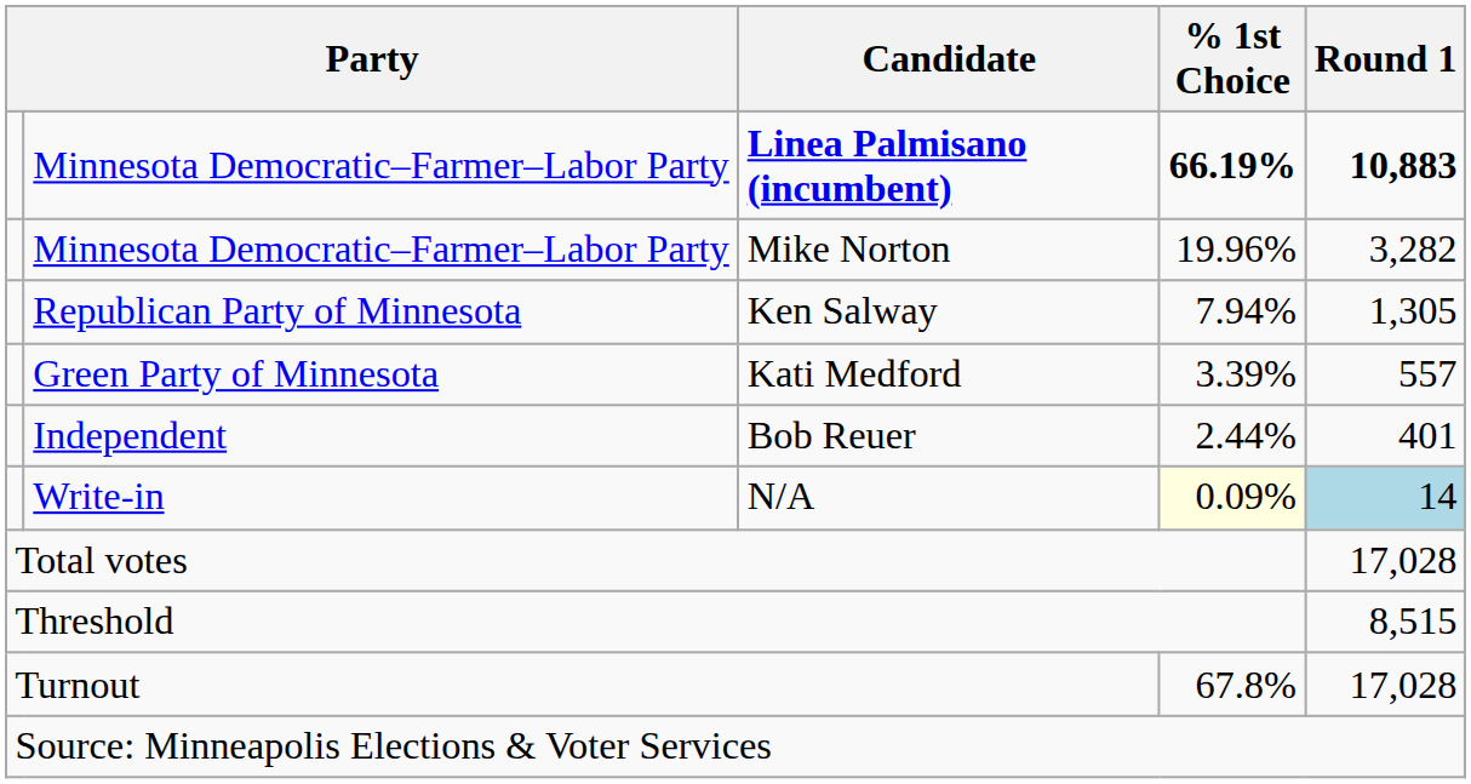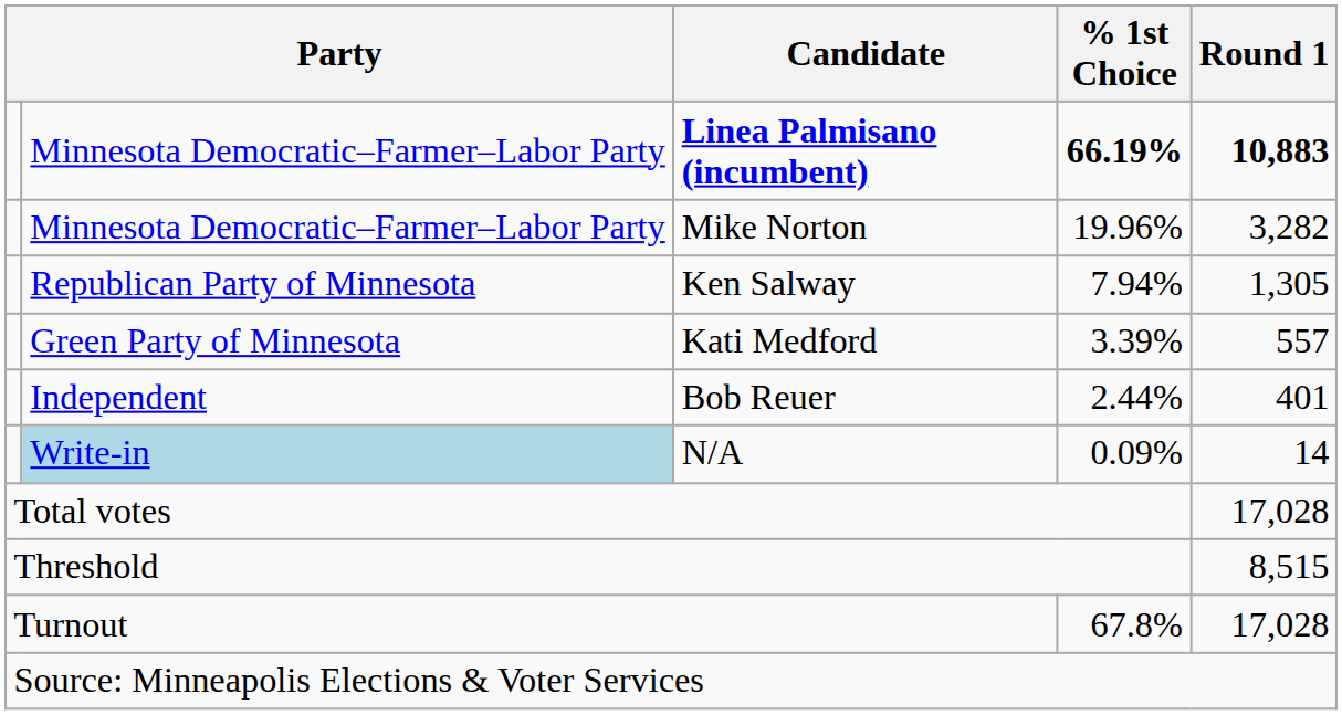 <table class="wikitable">
 <tr>
 <th colspan="2" style="width:290px">Party</th>
 <th style="width:165px">Candidate</th>
 <th>% 1st<br>Choice</th>
 <th>Round 1</th>
 </tr>
 <tr>
 <td style="background-color:"></td>
 <td><a href='#'>Minnesota Democratic–Farmer–Labor Party</a></td>
 <td><strong><a href='#'>Linea Palmisano (incumbent)</a></strong></td>
 <td align="right"><strong>66.19%</strong></td>
 <td align="right"><strong>10,883</strong></td>
 </tr>
 <tr>
 <td style="background-color:"></td>
 <td><a href='#'>Minnesota Democratic–Farmer–Labor Party</a></td>
 <td>Mike Norton</td>
 <td align="right">19.96%</td>
 <td align="right">3,282</td>
 </tr>
 <tr>
 <td style="background-color:"></td>
 <td><a href='#'>Republican Party of Minnesota</a></td>
 <td>Ken Salway</td>
 <td align="right">7.94%</td>
 <td align="right">1,305</td>
 </tr>
 <tr>
 <td style="background-color:"></td>
 <td><a href='#'>Green Party of Minnesota</a></td>
 <td>Kati Medford</td>
 <td align="right">3.39%</td>
 <td align="right">557</td>
 </tr>
 <tr>
 <td style="background-color:"></td>
 <td><a href='#'>Independent</a></td>
 <td>Bob Reuer</td>
 <td align="right">2.44%</td>
 <td align="right">401</td>
 </tr>
 <tr>
 <td style="background-color:"></td>
-<td><a href='#'>Write-in</a></td>
+<td style="background: lightblue;"><a href='#'>Write-in</a></td>
 <td>N/A</td>
-<td align="right" style="background: lightyellow;">0.09%</td>
-<td align="right" style="background: lightblue;">14</td>
+<td align="right">0.09%</td>
+<td align="right">14</td>
 </tr>
 <tr>
 <td colspan="4">Total votes</td>
 <td align="right">17,028</td>
 </tr>
 <tr>
 <td colspan="4">Threshold</td>
 <td align="right">8,515</td>
 </tr>
 <tr>
 <td colspan="3">Turnout</td>
 <td align="right">67.8%</td>
 <td align="right">17,028</td>
 </tr>
 <tr>
 <td colspan="8">Source: Minneapolis Elections & Voter Services</td>
 </tr>
 </table>
